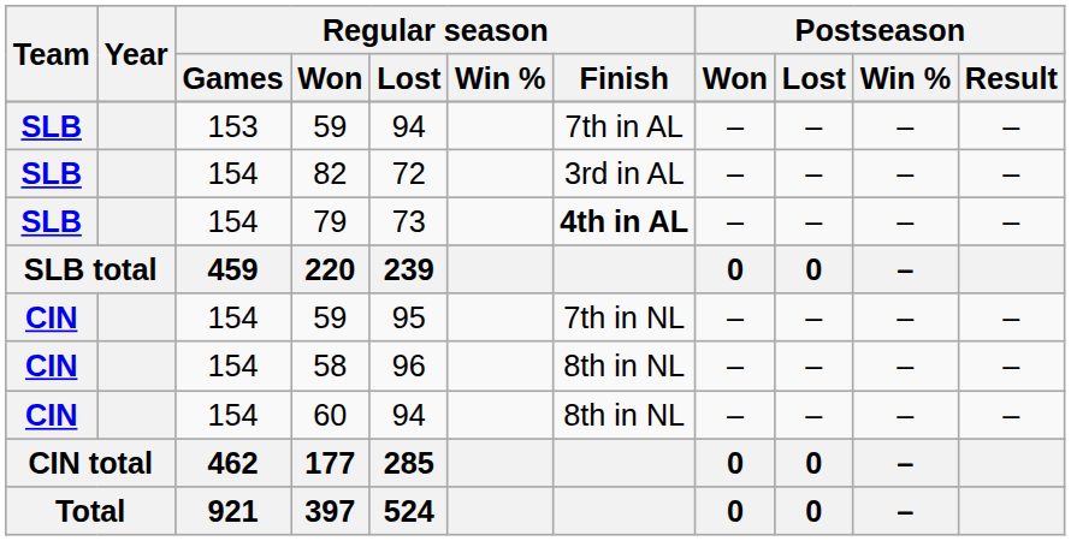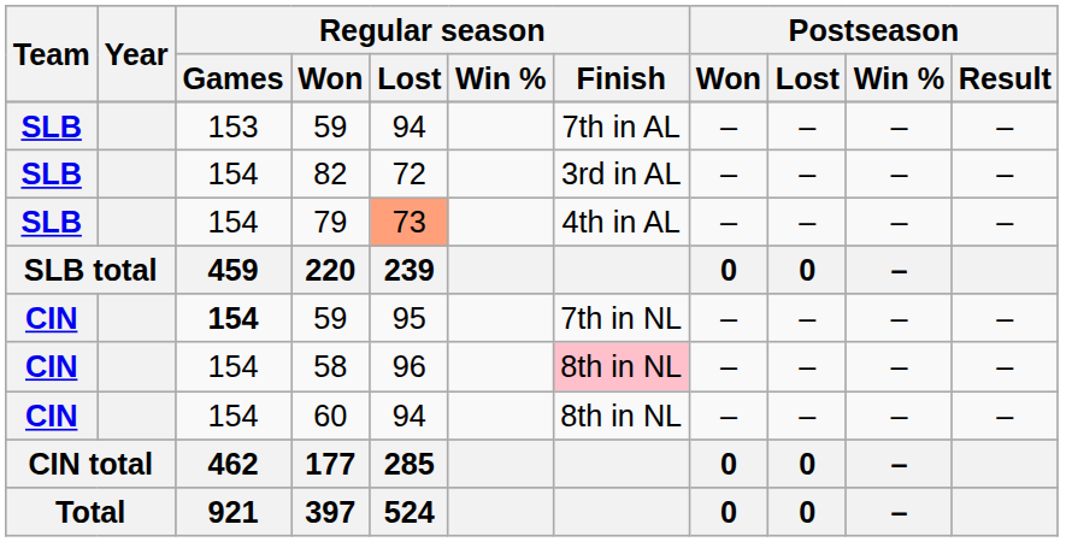 <table class="wikitable" style="font-size: 95%; text-align:center;">
 <tr>
 <th rowspan="2">Team</th>
 <th rowspan="2">Year</th>
 <th colspan="5">Regular season</th>
 <th colspan="4">Postseason</th>
 </tr>
 <tr>
 <th>Games</th>
 <th>Won</th>
 <th>Lost</th>
 <th>Win %</th>
 <th>Finish</th>
 <th>Won</th>
 <th>Lost</th>
 <th>Win %</th>
 <th>Result</th>
 </tr>
 <tr>
 </tr>
 <tr>
 <th><a href='#'>SLB</a></th>
 <th></th>
 <td>153</td>
 <td>59</td>
 <td>94</td>
 <td></td>
 <td>7th in AL</td>
 <td>–</td>
 <td>–</td>
 <td>–</td>
 <td>–</td>
 </tr>
 <tr>
 <th><a href='#'>SLB</a></th>
 <th></th>
 <td>154</td>
 <td>82</td>
 <td>72</td>
 <td></td>
 <td>3rd in AL</td>
 <td>–</td>
 <td>–</td>
 <td>–</td>
 <td>–</td>
 </tr>
 <tr>
 <th><a href='#'>SLB</a></th>
 <th></th>
 <td>154</td>
 <td>79</td>
-<td>73</td>
+<td style="background: lightsalmon;">73</td>
 <td></td>
-<td><strong>4th in AL</strong></td>
+<td>4th in AL</td>
 <td>–</td>
 <td>–</td>
 <td>–</td>
 <td>–</td>
 </tr>
 <tr>
 <th colspan="2">SLB total</th>
 <th>459</th>
 <th>220</th>
 <th>239</th>
 <th></th>
 <th></th>
 <th>0</th>
 <th>0</th>
 <th>–</th>
 <th></th>
 </tr>
 <tr>
 <th><a href='#'>CIN</a></th>
 <th></th>
-<td>154</td>
+<td><strong>154</strong></td>
 <td>59</td>
 <td>95</td>
 <td></td>
 <td>7th in NL</td>
 <td>–</td>
 <td>–</td>
 <td>–</td>
 <td>–</td>
 </tr>
 <tr>
 <th><a href='#'>CIN</a></th>
 <th></th>
 <td>154</td>
 <td>58</td>
 <td>96</td>
 <td></td>
-<td>8th in NL</td>
+<td style="background: pink;">8th in NL</td>
 <td>–</td>
 <td>–</td>
 <td>–</td>
 <td>–</td>
 </tr>
 <tr>
 <th><a href='#'>CIN</a></th>
 <th></th>
 <td>154</td>
 <td>60</td>
 <td>94</td>
 <td></td>
 <td>8th in NL</td>
 <td>–</td>
 <td>–</td>
 <td>–</td>
 <td>–</td>
 </tr>
 <tr>
 <th colspan="2">CIN total</th>
 <th>462</th>
 <th>177</th>
 <th>285</th>
 <th></th>
 <th></th>
 <th>0</th>
 <th>0</th>
 <th>–</th>
 <th></th>
 </tr>
 <tr>
 <th colspan="2">Total</th>
 <th>921</th>
 <th>397</th>
 <th>524</th>
 <th></th>
 <th></th>
 <th>0</th>
 <th>0</th>
 <th>–</th>
 <th></th>
 </tr>
 </table>
